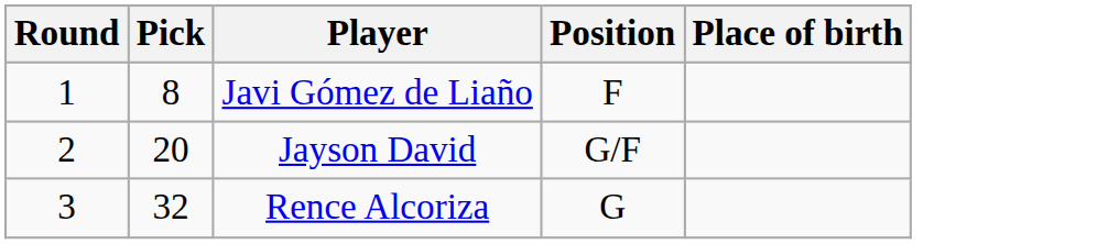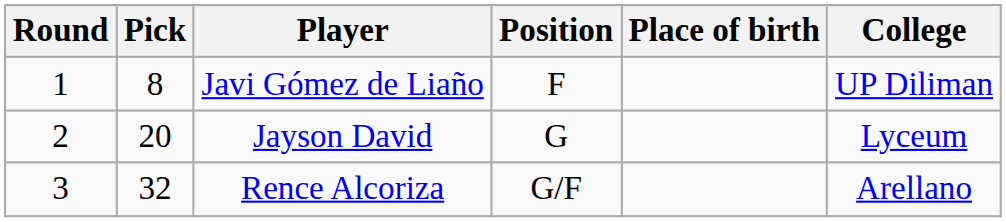 <table class="wikitable sortable sortable" style="text-align:center">
 <tr>
 <th>Round</th>
 <th>Pick</th>
 <th>Player</th>
 <th>Position</th>
 <th>Place of birth</th>
+<th>College</th>
 </tr>
 <tr>
 <td>1</td>
 <td>8</td>
 <td><a href='#'>Javi Gómez de Liaño</a></td>
 <td>F</td>
 <td></td>
+<td><a href='#'>UP Diliman</a></td>
 </tr>
 <tr>
 <td>2</td>
 <td>20</td>
 <td><a href='#'>Jayson David</a></td>
-<td>G/F</td>
+<td>G</td>
 <td></td>
+<td><a href='#'>Lyceum</a></td>
 </tr>
 <tr>
 <td>3</td>
 <td>32</td>
 <td><a href='#'>Rence Alcoriza</a></td>
-<td>G</td>
+<td>G/F</td>
 <td></td>
+<td><a href='#'>Arellano</a></td>
 </tr>
 </table>
